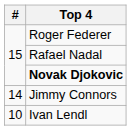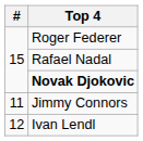 <table class="wikitable" style="display:inline-table;">
 <tr>
 <th width=20>#</th>
 <th>Top 4</th>
 </tr>
 <tr>
 <td rowspan="3" style="text-align:center;">15</td>
 <td> Roger Federer</td>
 </tr>
 <tr>
 <td> Rafael Nadal</td>
 </tr>
 <tr>
 <td> <strong>Novak Djokovic</strong></td>
 </tr>
 <tr>
-<td style="text-align:center;">14</td>
+<td style="text-align:center;">11</td>
 <td> Jimmy Connors</td>
 </tr>
 <tr>
-<td style="text-align:center;">10</td>
+<td style="text-align:center;">12</td>
 <td> Ivan Lendl</td>
 </tr>
 </table>
